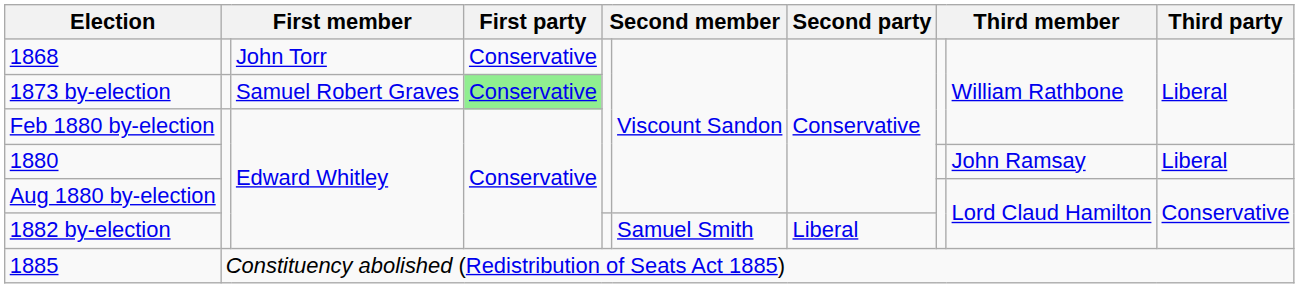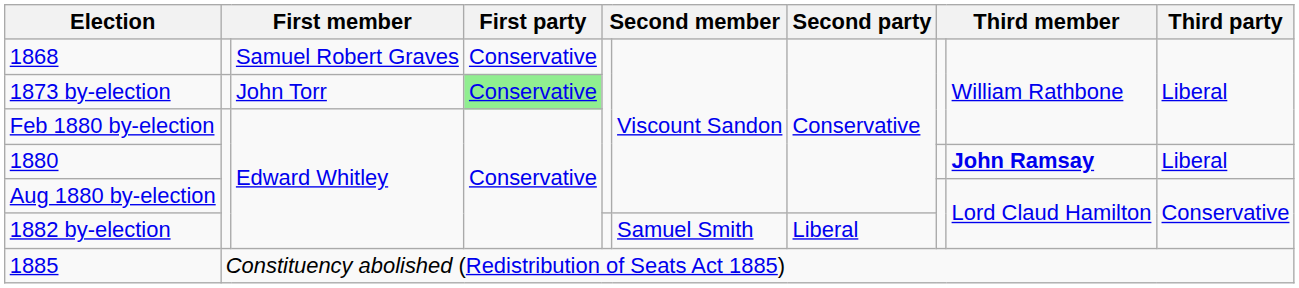 <table class="wikitable">
 <tr>
 <th>Election</th>
 <th colspan="2">First member</th>
 <th>First party</th>
 <th colspan="2">Second member</th>
 <th>Second party</th>
 <th colspan="2">Third member</th>
 <th>Third party</th>
 </tr>
 <tr>
 <td><a href='#'>1868</a></td>
 <td style="color:inherit;background-color: "></td>
-<td><a href='#'>John Torr</a></td>
+<td><a href='#'>Samuel Robert Graves</a></td>
 <td><a href='#'>Conservative</a></td>
 <td rowspan="5" style="color:inherit;background-color: "></td>
 <td rowspan="5"><a href='#'>Viscount Sandon</a></td>
 <td rowspan="5"><a href='#'>Conservative</a></td>
 <td rowspan="3" style="color:inherit;background-color: "></td>
 <td rowspan="3"><a href='#'>William Rathbone</a></td>
 <td rowspan="3"><a href='#'>Liberal</a></td>
 </tr>
 <tr>
 <td><a href='#'>1873 by-election</a></td>
 <td style="color:inherit;background-color: "></td>
-<td><a href='#'>Samuel Robert Graves</a></td>
+<td><a href='#'>John Torr</a></td>
 <td style="background: lightgreen;"><a href='#'>Conservative</a></td>
 </tr>
 <tr>
 <td><a href='#'>Feb 1880 by-election</a></td>
 <td rowspan="4" style="color:inherit;background-color: "></td>
 <td rowspan="4"><a href='#'>Edward Whitley</a></td>
 <td rowspan="4"><a href='#'>Conservative</a></td>
 </tr>
 <tr>
 <td><a href='#'>1880</a></td>
 <td style="color:inherit;background-color: "></td>
-<td><a href='#'>John Ramsay</a></td>
+<td><strong><a href='#'>John Ramsay</a></strong></td>
 <td><a href='#'>Liberal</a></td>
 </tr>
 <tr>
 <td><a href='#'>Aug 1880 by-election</a></td>
 <td rowspan="2" style="color:inherit;background-color: "></td>
 <td rowspan="2"><a href='#'>Lord Claud Hamilton</a></td>
 <td rowspan="2"><a href='#'>Conservative</a></td>
 </tr>
 <tr>
 <td><a href='#'>1882 by-election</a></td>
 <td style="color:inherit;background-color: "></td>
 <td><a href='#'>Samuel Smith</a></td>
 <td><a href='#'>Liberal</a></td>
 </tr>
 <tr>
 <td><a href='#'>1885</a></td>
 <td colspan="9"><em>Constituency abolished</em> (<a href='#'>Redistribution of Seats Act 1885</a>)</td>
 </tr>
 </table>
